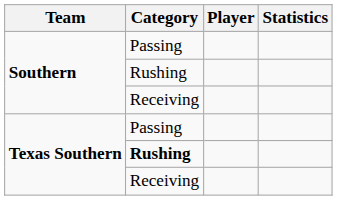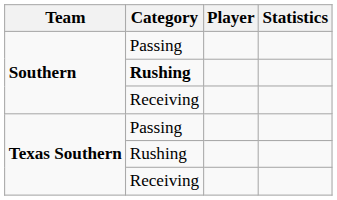 <table class="wikitable" style="float: right;">
 <tr>
 <th>Team</th>
 <th>Category</th>
 <th>Player</th>
 <th>Statistics</th>
 </tr>
 <tr>
 <td rowspan=3><strong>Southern</strong></td>
 <td>Passing</td>
 <td></td>
 <td></td>
 </tr>
 <tr>
-<td>Rushing</td>
+<td><strong>Rushing</strong></td>
 <td></td>
 <td></td>
 </tr>
 <tr>
 <td>Receiving</td>
 <td></td>
 <td></td>
 </tr>
 <tr>
 <td rowspan=3><strong>Texas Southern</strong></td>
 <td>Passing</td>
 <td></td>
 <td></td>
 </tr>
 <tr>
-<td><strong>Rushing</strong></td>
+<td>Rushing</td>
 <td></td>
 <td></td>
 </tr>
 <tr>
 <td>Receiving</td>
 <td></td>
 <td></td>
 </tr>
 </table>
